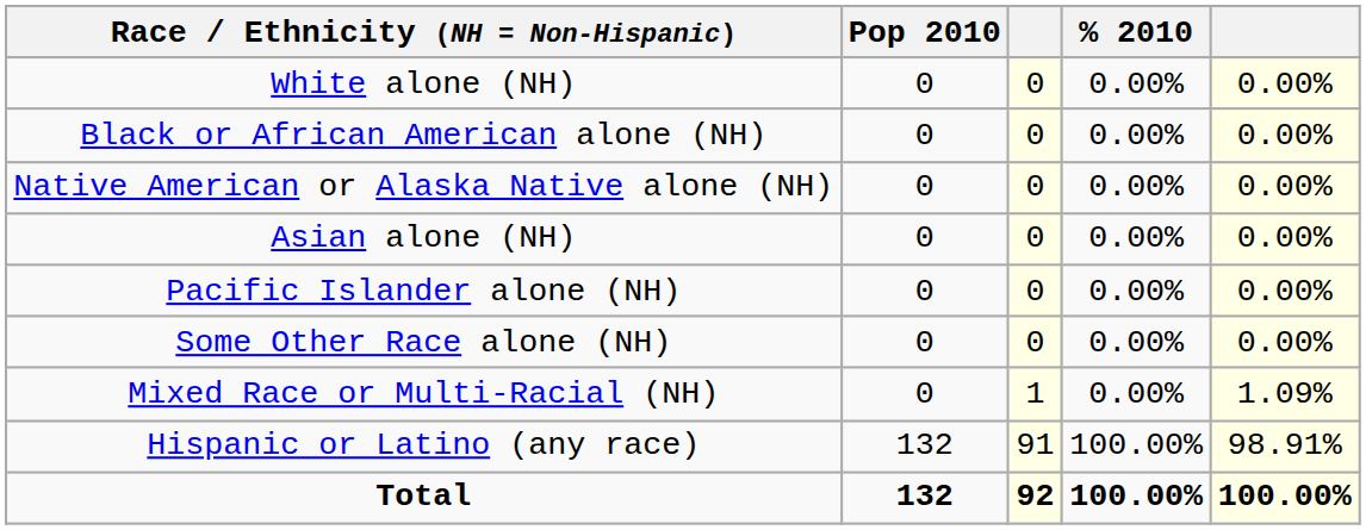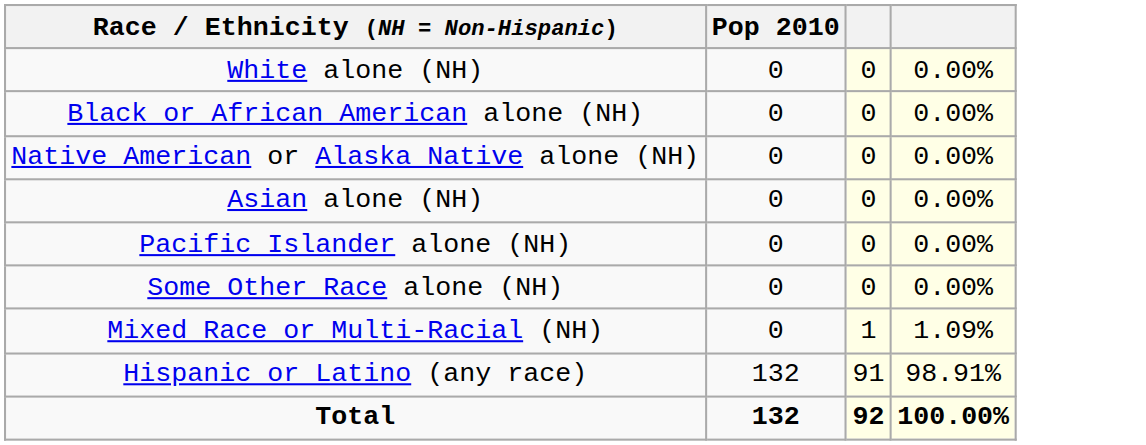 <table class="wikitable" style="text-align:center;">
 <tr>
 <th>Race / Ethnicity <small>(<em>NH = Non-Hispanic</em>)</small></th>
 <th>Pop 2010</th>
 <th></th>
-<th>% 2010</th>
 <th></th>
 </tr>
 <tr>
 <td><a href='#'>White</a> alone (NH)</td>
 <td>0</td>
 <td style='background: #ffffe6;'>0</td>
-<td>0.00%</td>
 <td style='background: #ffffe6;'>0.00%</td>
 </tr>
 <tr>
 <td><a href='#'>Black or African American</a> alone (NH)</td>
 <td>0</td>
 <td style='background: #ffffe6;'>0</td>
-<td>0.00%</td>
 <td style='background: #ffffe6;'>0.00%</td>
 </tr>
 <tr>
 <td><a href='#'>Native American</a> or <a href='#'>Alaska Native</a> alone (NH)</td>
 <td>0</td>
 <td style='background: #ffffe6;'>0</td>
-<td>0.00%</td>
 <td style='background: #ffffe6;'>0.00%</td>
 </tr>
 <tr>
 <td><a href='#'>Asian</a> alone (NH)</td>
 <td>0</td>
 <td style='background: #ffffe6;'>0</td>
-<td>0.00%</td>
 <td style='background: #ffffe6;'>0.00%</td>
 </tr>
 <tr>
 <td><a href='#'>Pacific Islander</a> alone (NH)</td>
 <td>0</td>
 <td style='background: #ffffe6;'>0</td>
-<td>0.00%</td>
 <td style='background: #ffffe6;'>0.00%</td>
 </tr>
 <tr>
 <td><a href='#'>Some Other Race</a> alone (NH)</td>
 <td>0</td>
 <td style='background: #ffffe6;'>0</td>
-<td>0.00%</td>
 <td style='background: #ffffe6;'>0.00%</td>
 </tr>
 <tr>
 <td><a href='#'>Mixed Race or Multi-Racial</a> (NH)</td>
 <td>0</td>
 <td style='background: #ffffe6;'>1</td>
-<td>0.00%</td>
 <td style='background: #ffffe6;'>1.09%</td>
 </tr>
 <tr>
 <td><a href='#'>Hispanic or Latino</a> (any race)</td>
 <td>132</td>
 <td style='background: #ffffe6;'>91</td>
-<td>100.00%</td>
 <td style='background: #ffffe6;'>98.91%</td>
 </tr>
 <tr>
 <td><strong>Total</strong></td>
 <td><strong>132</strong></td>
 <td style='background: #ffffe6;'><strong>92</strong></td>
-<td><strong>100.00%</strong></td>
 <td style='background: #ffffe6;'><strong>100.00%</strong></td>
 </tr>
 </table>
